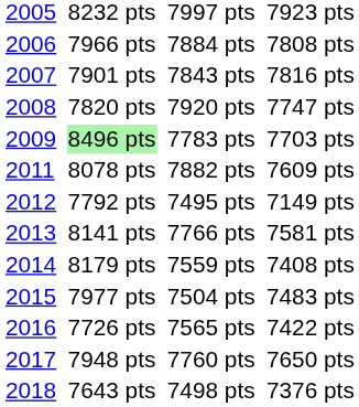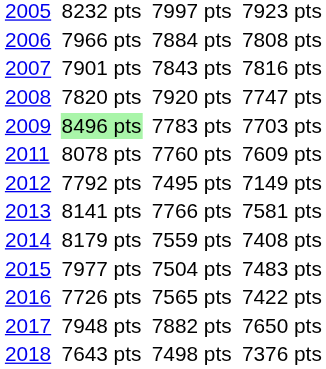 <table>
 <tr>
 <td><a href='#'>2005</a></td>
 <td></td>
 <td>8232 pts</td>
 <td></td>
 <td>7997 pts</td>
 <td></td>
 <td>7923 pts</td>
 </tr>
 <tr>
 <td><a href='#'>2006</a></td>
 <td></td>
 <td>7966 pts</td>
 <td></td>
 <td>7884 pts</td>
 <td></td>
 <td>7808 pts</td>
 </tr>
 <tr>
 <td><a href='#'>2007</a></td>
 <td></td>
 <td>7901 pts</td>
 <td></td>
 <td>7843 pts</td>
 <td></td>
 <td>7816  pts</td>
 </tr>
 <tr>
 <td><a href='#'>2008</a></td>
 <td></td>
 <td>7820 pts</td>
 <td></td>
 <td>7920 pts</td>
 <td></td>
 <td>7747 pts</td>
 </tr>
 <tr>
 <td><a href='#'>2009</a></td>
 <td></td>
 <td bgcolor=#A9F5A9>8496 pts</td>
 <td></td>
 <td>7783 pts</td>
 <td></td>
 <td>7703 pts</td>
 </tr>
 <tr>
 <td><a href='#'>2011</a></td>
 <td></td>
 <td>8078 pts</td>
 <td></td>
-<td>7882 pts</td>
+<td>7760 pts</td>
 <td></td>
 <td>7609 pts</td>
 </tr>
 <tr>
 <td><a href='#'>2012</a></td>
 <td></td>
 <td>7792 pts</td>
 <td></td>
 <td>7495 pts</td>
 <td></td>
 <td>7149 pts</td>
 </tr>
 <tr>
 <td><a href='#'>2013</a></td>
 <td></td>
 <td>8141 pts</td>
 <td></td>
 <td>7766 pts</td>
 <td></td>
 <td>7581 pts</td>
 </tr>
 <tr>
 <td><a href='#'>2014</a></td>
 <td></td>
 <td>8179 pts</td>
 <td></td>
 <td>7559 pts</td>
 <td></td>
 <td>7408 pts</td>
 </tr>
 <tr>
 <td><a href='#'>2015</a></td>
 <td></td>
 <td>7977 pts</td>
 <td></td>
 <td>7504 pts</td>
 <td></td>
 <td>7483 pts</td>
 </tr>
 <tr>
 <td><a href='#'>2016</a></td>
 <td></td>
 <td>7726 pts</td>
 <td></td>
 <td>7565 pts</td>
 <td></td>
 <td>7422 pts</td>
 </tr>
 <tr>
 <td><a href='#'>2017</a></td>
 <td></td>
 <td>7948 pts</td>
 <td></td>
-<td>7760 pts</td>
+<td>7882 pts</td>
 <td></td>
 <td>7650 pts</td>
 </tr>
 <tr>
 <td><a href='#'>2018</a></td>
 <td></td>
 <td>7643 pts</td>
 <td></td>
 <td>7498 pts</td>
 <td></td>
 <td>7376 pts</td>
 </tr>
 </table>
